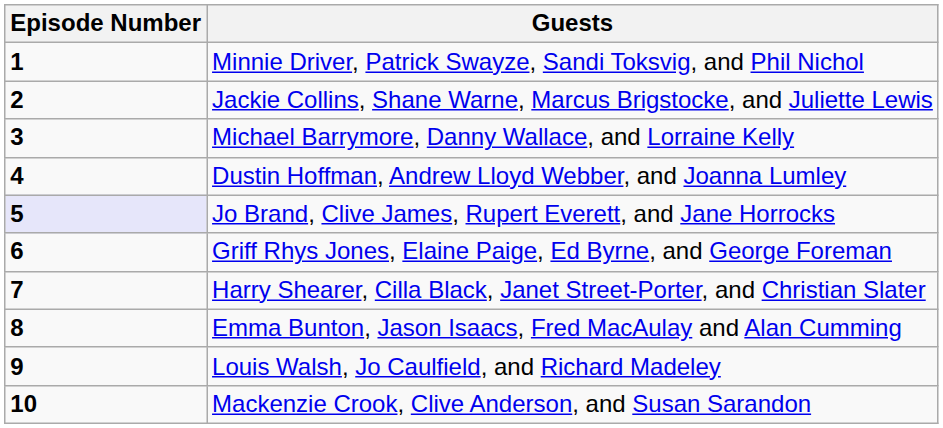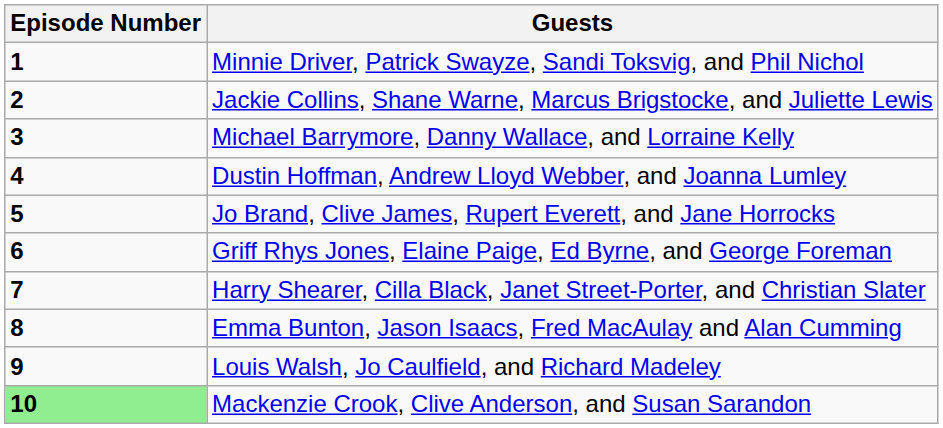 <table class="wikitable">
 <tr>
 <th>Episode Number</th>
 <th>Guests</th>
 </tr>
 <tr>
 <td><strong>1</strong></td>
 <td><a href='#'>Minnie Driver</a>, <a href='#'>Patrick Swayze</a>, <a href='#'>Sandi Toksvig</a>, and <a href='#'>Phil Nichol</a></td>
 </tr>
 <tr>
 <td><strong>2</strong></td>
 <td><a href='#'>Jackie Collins</a>, <a href='#'>Shane Warne</a>, <a href='#'>Marcus Brigstocke</a>, and <a href='#'>Juliette Lewis</a></td>
 </tr>
 <tr>
 <td><strong>3</strong></td>
 <td><a href='#'>Michael Barrymore</a>, <a href='#'>Danny Wallace</a>, and <a href='#'>Lorraine Kelly</a></td>
 </tr>
 <tr>
 <td><strong>4</strong></td>
 <td><a href='#'>Dustin Hoffman</a>, <a href='#'>Andrew Lloyd Webber</a>, and <a href='#'>Joanna Lumley</a></td>
 </tr>
 <tr>
-<td style="background: lavender;"><strong>5</strong></td>
+<td><strong>5</strong></td>
 <td><a href='#'>Jo Brand</a>, <a href='#'>Clive James</a>, <a href='#'>Rupert Everett</a>, and <a href='#'>Jane Horrocks</a></td>
 </tr>
 <tr>
 <td><strong>6</strong></td>
 <td><a href='#'>Griff Rhys Jones</a>, <a href='#'>Elaine Paige</a>, <a href='#'>Ed Byrne</a>, and <a href='#'>George Foreman</a></td>
 </tr>
 <tr>
 <td><strong>7</strong></td>
 <td><a href='#'>Harry Shearer</a>, <a href='#'>Cilla Black</a>, <a href='#'>Janet Street-Porter</a>, and <a href='#'>Christian Slater</a></td>
 </tr>
 <tr>
 <td><strong>8</strong></td>
 <td><a href='#'>Emma Bunton</a>, <a href='#'>Jason Isaacs</a>, <a href='#'>Fred MacAulay</a> and <a href='#'>Alan Cumming</a></td>
 </tr>
 <tr>
 <td><strong>9</strong></td>
 <td><a href='#'>Louis Walsh</a>, <a href='#'>Jo Caulfield</a>,  and <a href='#'>Richard Madeley</a></td>
 </tr>
 <tr>
-<td><strong>10</strong></td>
+<td style="background: lightgreen;"><strong>10</strong></td>
 <td><a href='#'>Mackenzie Crook</a>, <a href='#'>Clive Anderson</a>, and <a href='#'>Susan Sarandon</a></td>
 </tr>
 </table>
